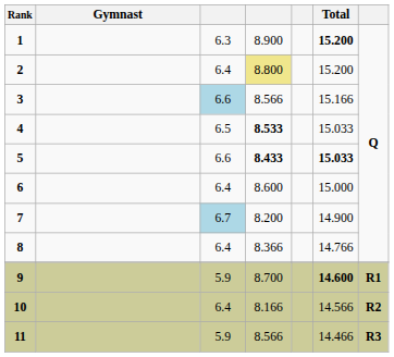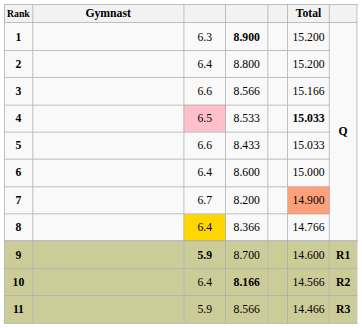 <table style="text-align:center;" class="wikitable sortable">
 <tr>
 <th scope="col" style="width:15px;"><small>Rank</small></th>
 <th scope="col" style="width:200px;">Gymnast</th>
 <th scope="col" style="width:50px;"><small></small></th>
 <th scope="col" style="width:50px;"><small></small></th>
 <th scope="col" style="width:20px;"><small></small></th>
 <th scope="col" style="width:50px;">Total</th>
 <th scope="col" style="width:30px;"><small></small></th>
 </tr>
 <tr>
 <td scope="row" style="text-align:center"><strong>1</strong></td>
 <td style="height:30px; text-align:left;"></td>
 <td>6.3</td>
-<td>8.900</td>
+<td><strong>8.900</strong></td>
 <td></td>
-<td><strong>15.200</strong></td>
+<td>15.200</td>
 <td rowspan=8><strong>Q</strong></td>
 </tr>
 <tr>
 <td scope="row" style="text-align:center"><strong>2</strong></td>
 <td style="height:30px; text-align:left;"></td>
 <td>6.4</td>
-<td style="background: khaki;">8.800</td>
+<td>8.800</td>
 <td></td>
 <td>15.200</td>
 </tr>
 <tr>
 <td scope="row" style="text-align:center"><strong>3</strong></td>
 <td style="height:30px; text-align:left;"></td>
-<td style="background: lightblue;">6.6</td>
+<td>6.6</td>
 <td>8.566</td>
 <td></td>
 <td>15.166</td>
 </tr>
 <tr>
 <td scope="row" style="text-align:center"><strong>4</strong></td>
 <td style="height:30px; text-align:left;"></td>
-<td>6.5</td>
-<td><strong>8.533</strong></td>
+<td style="background: pink;">6.5</td>
+<td>8.533</td>
 <td></td>
-<td>15.033</td>
+<td><strong>15.033</strong></td>
 </tr>
 <tr>
 <td scope="row" style="text-align:center"><strong>5</strong></td>
 <td style="height:30px; text-align:left;"></td>
 <td>6.6</td>
-<td><strong>8.433</strong></td>
+<td>8.433</td>
 <td></td>
-<td><strong>15.033</strong></td>
+<td>15.033</td>
 </tr>
 <tr>
 <td scope="row" style="text-align:center"><strong>6</strong></td>
 <td style="height:30px; text-align:left;"></td>
 <td>6.4</td>
 <td>8.600</td>
 <td></td>
 <td>15.000</td>
 </tr>
 <tr>
 <td scope="row" style="text-align:center"><strong>7</strong></td>
 <td style="height:30px; text-align:left;"></td>
-<td style="background: lightblue;">6.7</td>
+<td>6.7</td>
 <td>8.200</td>
 <td></td>
-<td>14.900</td>
+<td style="background: lightsalmon;">14.900</td>
 </tr>
 <tr>
 <td scope="row" style="text-align:center"><strong>8</strong></td>
 <td style="height:30px; text-align:left;"></td>
-<td>6.4</td>
+<td style="background: gold;">6.4</td>
 <td>8.366</td>
 <td></td>
 <td>14.766</td>
 </tr>
 <tr>
 </tr>
 <tr style="background:#cccc99;">
 <td scope="row" style="text-align:center"><strong>9</strong></td>
 <td style="height:30px; text-align:left;"></td>
-<td>5.9</td>
+<td><strong>5.9</strong></td>
 <td>8.700</td>
 <td></td>
-<td><strong>14.600</strong></td>
+<td>14.600</td>
 <td><strong>R1</strong></td>
 </tr>
 <tr style="background:#cccc99;">
 <td scope="row" style="text-align:center"><strong>10</strong></td>
 <td style="height:30px; text-align:left;"></td>
 <td>6.4</td>
-<td>8.166</td>
+<td><strong>8.166</strong></td>
 <td></td>
 <td>14.566</td>
 <td><strong>R2</strong></td>
 </tr>
 <tr style="background:#cccc99;">
 <td scope="row" style="text-align:center"><strong>11</strong></td>
 <td style="height:30px; text-align:left;"></td>
 <td>5.9</td>
 <td>8.566</td>
 <td></td>
 <td>14.466</td>
 <td><strong>R3</strong></td>
 </tr>
 </table>
